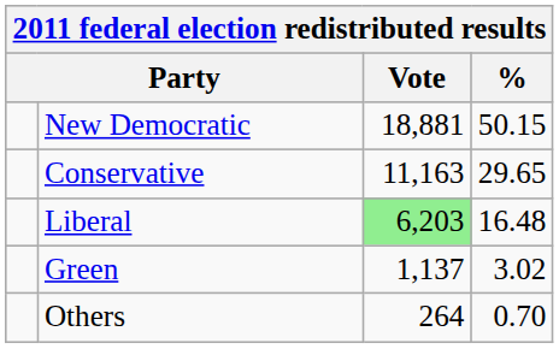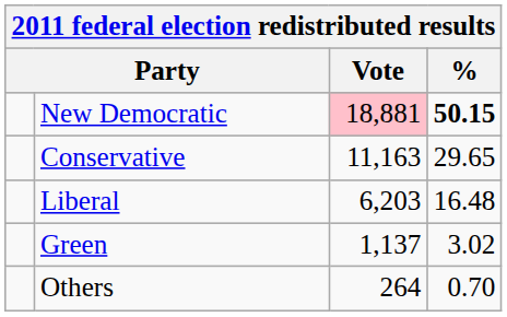 <table class="wikitable">
 <tr>
 <th colspan="4"><a href='#'>2011 federal election</a> redistributed results</th>
 </tr>
 <tr>
 <th bgcolor="#DDDDFF" width="130px" colspan="2">Party</th>
 <th bgcolor="#DDDDFF" width="50px">Vote</th>
 <th bgcolor="#DDDDFF" width="30px">%</th>
 </tr>
 <tr>
 <td> </td>
 <td><a href='#'>New Democratic</a></td>
-<td align=right>18,881</td>
-<td align=right>50.15</td>
+<td align=right style="background: pink;">18,881</td>
+<td align=right><strong>50.15</strong></td>
 </tr>
 <tr>
 <td> </td>
 <td><a href='#'>Conservative</a></td>
 <td align=right>11,163</td>
 <td align=right>29.65</td>
 </tr>
 <tr>
 <td> </td>
 <td><a href='#'>Liberal</a></td>
-<td align=right style="background: lightgreen;">6,203</td>
+<td align=right>6,203</td>
 <td align=right>16.48</td>
 </tr>
 <tr>
 <td> </td>
 <td><a href='#'>Green</a></td>
 <td align=right>1,137</td>
 <td align=right>3.02</td>
 </tr>
 <tr>
 <td> </td>
 <td>Others</td>
 <td align=right>264</td>
 <td align=right>0.70</td>
 </tr>
 </table>
